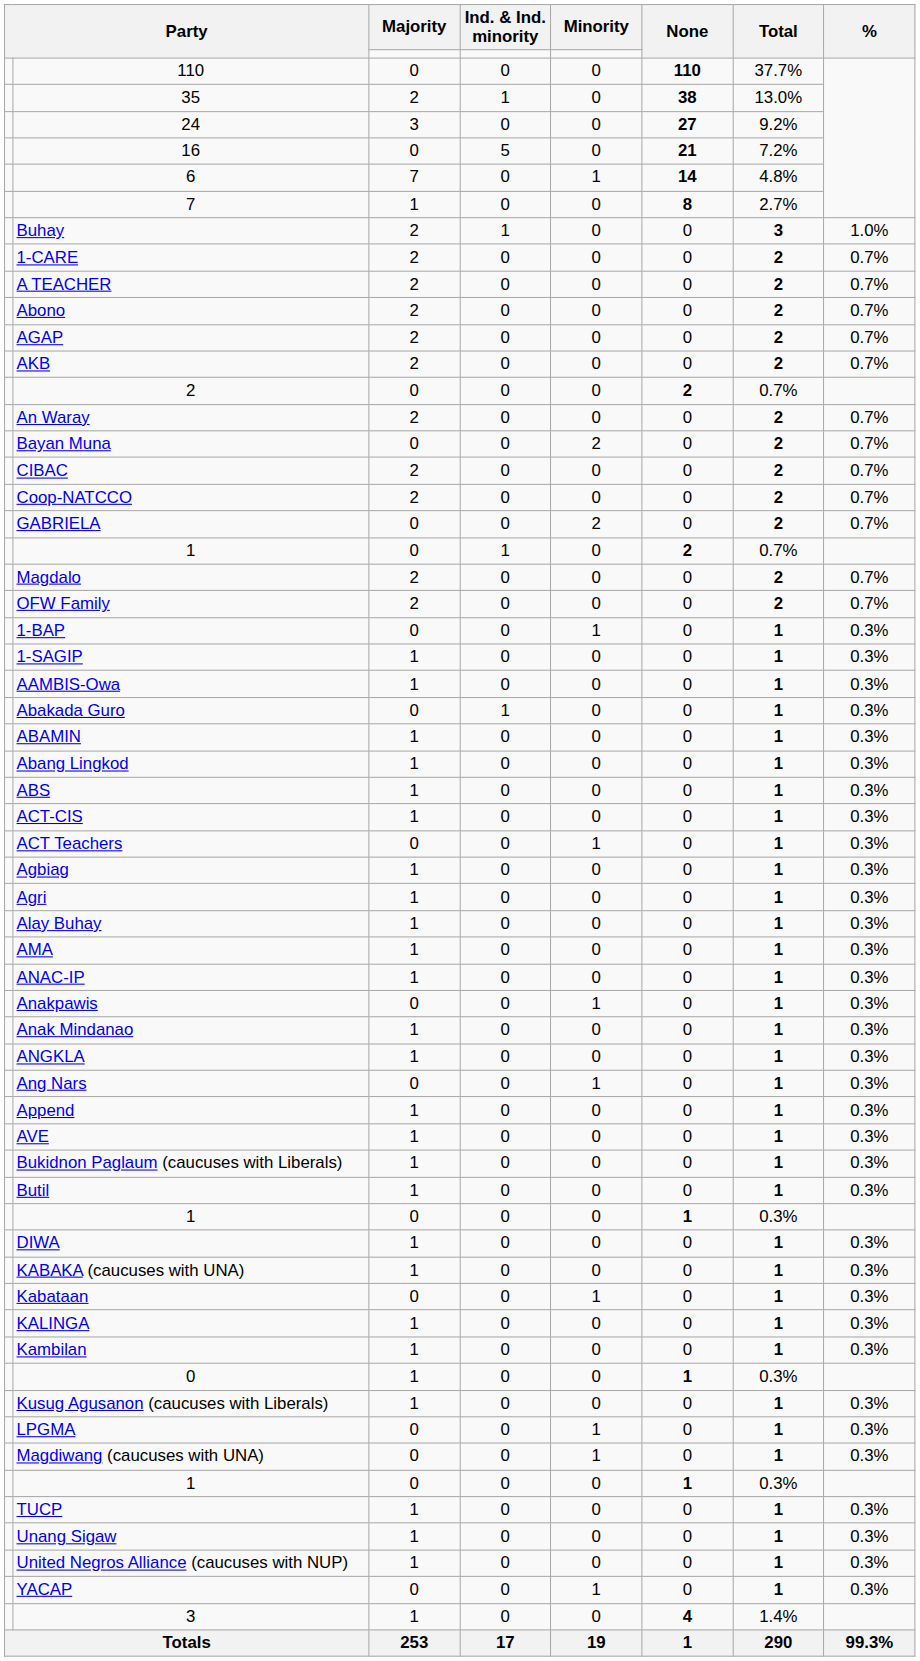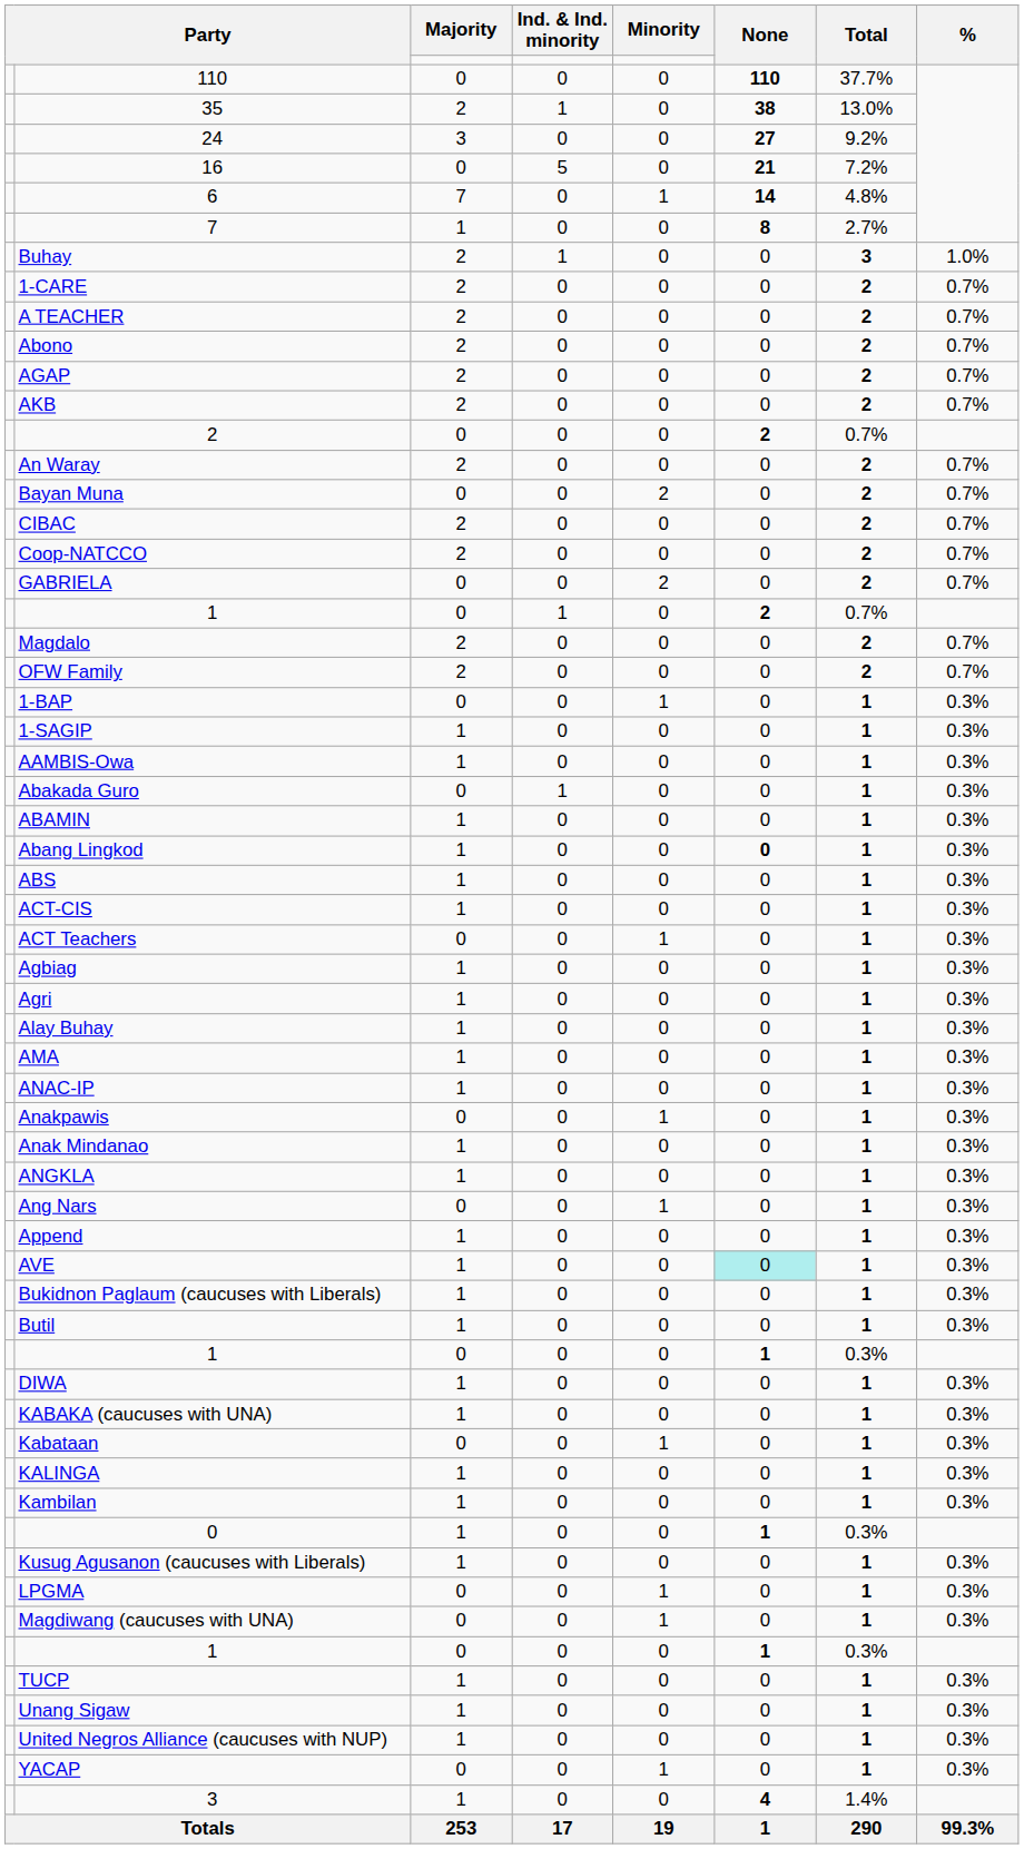 <table class="wikitable" style="text-align:center">
 <tr>
 <th rowspan=2 colspan="2">Party</th>
 <th width=10%>Majority</th>
 <th width=10%>Ind. & Ind. minority</th>
 <th width=10%>Minority</th>
 <th rowspan=2 width=10%>None</th>
 <th rowspan=2 width=10%>Total</th>
 <th rowspan=2 width="10%">%</th>
 </tr>
 <tr>
 <td></td>
 <td></td>
 <td></td>
 </tr>
 <tr>
 <td></td>
 <td>110</td>
 <td>0</td>
 <td>0</td>
 <td>0</td>
 <td><strong>110</strong></td>
 <td>37.7%</td>
 </tr>
 <tr>
 <td></td>
 <td>35</td>
 <td>2</td>
 <td>1</td>
 <td>0</td>
 <td><strong>38</strong></td>
 <td>13.0%</td>
 </tr>
 <tr>
 <td></td>
 <td>24</td>
 <td>3</td>
 <td>0</td>
 <td>0</td>
 <td><strong>27</strong></td>
 <td>9.2%</td>
 </tr>
 <tr>
 <td></td>
 <td>16</td>
 <td>0</td>
 <td>5</td>
 <td>0</td>
 <td><strong>21</strong></td>
 <td>7.2%</td>
 </tr>
 <tr>
 <td></td>
 <td>6</td>
 <td>7</td>
 <td>0</td>
 <td>1</td>
 <td><strong>14</strong></td>
 <td>4.8%</td>
 </tr>
 <tr>
 <td></td>
 <td>7</td>
 <td>1</td>
 <td>0</td>
 <td>0</td>
 <td><strong>8</strong></td>
 <td>2.7%</td>
 </tr>
 <tr>
 <td></td>
 <td align=left><a href='#'>Buhay</a></td>
 <td>2</td>
 <td>1</td>
 <td>0</td>
 <td>0</td>
 <td><strong>3</strong></td>
 <td>1.0%</td>
 </tr>
 <tr>
 <td></td>
 <td align=left><a href='#'>1-CARE</a></td>
 <td>2</td>
 <td>0</td>
 <td>0</td>
 <td>0</td>
 <td><strong>2</strong></td>
 <td>0.7%</td>
 </tr>
 <tr>
 <td></td>
 <td align=left><a href='#'>A TEACHER</a></td>
 <td>2</td>
 <td>0</td>
 <td>0</td>
 <td>0</td>
 <td><strong>2</strong></td>
 <td>0.7%</td>
 </tr>
 <tr>
 <td></td>
 <td align=left><a href='#'>Abono</a></td>
 <td>2</td>
 <td>0</td>
 <td>0</td>
 <td>0</td>
 <td><strong>2</strong></td>
 <td>0.7%</td>
 </tr>
 <tr>
 <td></td>
 <td align=left><a href='#'>AGAP</a></td>
 <td>2</td>
 <td>0</td>
 <td>0</td>
 <td>0</td>
 <td><strong>2</strong></td>
 <td>0.7%</td>
 </tr>
 <tr>
 <td></td>
 <td align=left><a href='#'>AKB</a></td>
 <td>2</td>
 <td>0</td>
 <td>0</td>
 <td>0</td>
 <td><strong>2</strong></td>
 <td>0.7%</td>
 </tr>
 <tr>
 <td></td>
 <td>2</td>
 <td>0</td>
 <td>0</td>
 <td>0</td>
 <td><strong>2</strong></td>
 <td>0.7%</td>
 </tr>
 <tr>
 <td></td>
 <td align=left><a href='#'>An Waray</a></td>
 <td>2</td>
 <td>0</td>
 <td>0</td>
 <td>0</td>
 <td><strong>2</strong></td>
 <td>0.7%</td>
 </tr>
 <tr>
 <td></td>
 <td align=left><a href='#'>Bayan Muna</a></td>
 <td>0</td>
 <td>0</td>
 <td>2</td>
 <td>0</td>
 <td><strong>2</strong></td>
 <td>0.7%</td>
 </tr>
 <tr>
 <td></td>
 <td align=left><a href='#'>CIBAC</a></td>
 <td>2</td>
 <td>0</td>
 <td>0</td>
 <td>0</td>
 <td><strong>2</strong></td>
 <td>0.7%</td>
 </tr>
 <tr>
 <td></td>
 <td align=left><a href='#'>Coop-NATCCO</a></td>
 <td>2</td>
 <td>0</td>
 <td>0</td>
 <td>0</td>
 <td><strong>2</strong></td>
 <td>0.7%</td>
 </tr>
 <tr>
 <td></td>
 <td align=left><a href='#'>GABRIELA</a></td>
 <td>0</td>
 <td>0</td>
 <td>2</td>
 <td>0</td>
 <td><strong>2</strong></td>
 <td>0.7%</td>
 </tr>
 <tr>
 <td></td>
 <td>1</td>
 <td>0</td>
 <td>1</td>
 <td>0</td>
 <td><strong>2</strong></td>
 <td>0.7%</td>
 </tr>
 <tr>
 <td></td>
 <td align=left><a href='#'>Magdalo</a></td>
 <td>2</td>
 <td>0</td>
 <td>0</td>
 <td>0</td>
 <td><strong>2</strong></td>
 <td>0.7%</td>
 </tr>
 <tr>
 <td></td>
 <td align=left><a href='#'>OFW Family</a></td>
 <td>2</td>
 <td>0</td>
 <td>0</td>
 <td>0</td>
 <td><strong>2</strong></td>
 <td>0.7%</td>
 </tr>
 <tr>
 <td></td>
 <td align=left><a href='#'>1-BAP</a></td>
 <td>0</td>
 <td>0</td>
 <td>1</td>
 <td>0</td>
 <td><strong>1</strong></td>
 <td>0.3%</td>
 </tr>
 <tr>
 <td></td>
 <td align=left><a href='#'>1-SAGIP</a></td>
 <td>1</td>
 <td>0</td>
 <td>0</td>
 <td>0</td>
 <td><strong>1</strong></td>
 <td>0.3%</td>
 </tr>
 <tr>
 <td></td>
 <td align=left><a href='#'>AAMBIS-Owa</a></td>
 <td>1</td>
 <td>0</td>
 <td>0</td>
 <td>0</td>
 <td><strong>1</strong></td>
 <td>0.3%</td>
 </tr>
 <tr>
 <td></td>
 <td align=left><a href='#'>Abakada Guro</a></td>
 <td>0</td>
 <td>1</td>
 <td>0</td>
 <td>0</td>
 <td><strong>1</strong></td>
 <td>0.3%</td>
 </tr>
 <tr>
 <td></td>
 <td align=left><a href='#'>ABAMIN</a></td>
 <td>1</td>
 <td>0</td>
 <td>0</td>
 <td>0</td>
 <td><strong>1</strong></td>
 <td>0.3%</td>
 </tr>
 <tr>
 <td></td>
 <td align=left><a href='#'>Abang Lingkod</a></td>
 <td>1</td>
 <td>0</td>
 <td>0</td>
-<td>0</td>
+<td><strong>0</strong></td>
 <td><strong>1</strong></td>
 <td>0.3%</td>
 </tr>
 <tr>
 <td></td>
 <td align=left><a href='#'>ABS</a></td>
 <td>1</td>
 <td>0</td>
 <td>0</td>
 <td>0</td>
 <td><strong>1</strong></td>
 <td>0.3%</td>
 </tr>
 <tr>
 <td></td>
 <td align=left><a href='#'>ACT-CIS</a></td>
 <td>1</td>
 <td>0</td>
 <td>0</td>
 <td>0</td>
 <td><strong>1</strong></td>
 <td>0.3%</td>
 </tr>
 <tr>
 <td></td>
 <td align=left><a href='#'>ACT Teachers</a></td>
 <td>0</td>
 <td>0</td>
 <td>1</td>
 <td>0</td>
 <td><strong>1</strong></td>
 <td>0.3%</td>
 </tr>
 <tr>
 <td></td>
 <td align=left><a href='#'>Agbiag</a></td>
 <td>1</td>
 <td>0</td>
 <td>0</td>
 <td>0</td>
 <td><strong>1</strong></td>
 <td>0.3%</td>
 </tr>
 <tr>
 <td></td>
 <td align=left><a href='#'>Agri</a></td>
 <td>1</td>
 <td>0</td>
 <td>0</td>
 <td>0</td>
 <td><strong>1</strong></td>
 <td>0.3%</td>
 </tr>
 <tr>
 <td></td>
 <td align=left><a href='#'>Alay Buhay</a></td>
 <td>1</td>
 <td>0</td>
 <td>0</td>
 <td>0</td>
 <td><strong>1</strong></td>
 <td>0.3%</td>
 </tr>
 <tr>
 <td></td>
 <td align=left><a href='#'>AMA</a></td>
 <td>1</td>
 <td>0</td>
 <td>0</td>
 <td>0</td>
 <td><strong>1</strong></td>
 <td>0.3%</td>
 </tr>
 <tr>
 <td></td>
 <td align=left><a href='#'>ANAC-IP</a></td>
 <td>1</td>
 <td>0</td>
 <td>0</td>
 <td>0</td>
 <td><strong>1</strong></td>
 <td>0.3%</td>
 </tr>
 <tr>
 <td></td>
 <td align=left><a href='#'>Anakpawis</a></td>
 <td>0</td>
 <td>0</td>
 <td>1</td>
 <td>0</td>
 <td><strong>1</strong></td>
 <td>0.3%</td>
 </tr>
 <tr>
 <td></td>
 <td align=left><a href='#'>Anak Mindanao</a></td>
 <td>1</td>
 <td>0</td>
 <td>0</td>
 <td>0</td>
 <td><strong>1</strong></td>
 <td>0.3%</td>
 </tr>
 <tr>
 <td></td>
 <td align=left><a href='#'>ANGKLA</a></td>
 <td>1</td>
 <td>0</td>
 <td>0</td>
 <td>0</td>
 <td><strong>1</strong></td>
 <td>0.3%</td>
 </tr>
 <tr>
 <td></td>
 <td align=left><a href='#'>Ang Nars</a></td>
 <td>0</td>
 <td>0</td>
 <td>1</td>
 <td>0</td>
 <td><strong>1</strong></td>
 <td>0.3%</td>
 </tr>
 <tr>
 <td></td>
 <td align=left><a href='#'>Append</a></td>
 <td>1</td>
 <td>0</td>
 <td>0</td>
 <td>0</td>
 <td><strong>1</strong></td>
 <td>0.3%</td>
 </tr>
 <tr>
 <td></td>
 <td align=left><a href='#'>AVE</a></td>
 <td>1</td>
 <td>0</td>
 <td>0</td>
-<td>0</td>
+<td style="background: paleturquoise;">0</td>
 <td><strong>1</strong></td>
 <td>0.3%</td>
 </tr>
 <tr>
 <td></td>
 <td align="left"><a href='#'>Bukidnon Paglaum</a> (caucuses with Liberals)</td>
 <td>1</td>
 <td>0</td>
 <td>0</td>
 <td>0</td>
 <td><strong>1</strong></td>
 <td>0.3%</td>
 </tr>
 <tr>
 <td></td>
 <td align=left><a href='#'>Butil</a></td>
 <td>1</td>
 <td>0</td>
 <td>0</td>
 <td>0</td>
 <td><strong>1</strong></td>
 <td>0.3%</td>
 </tr>
 <tr>
 <td></td>
 <td>1</td>
 <td>0</td>
 <td>0</td>
 <td>0</td>
 <td><strong>1</strong></td>
 <td>0.3%</td>
 </tr>
 <tr>
 <td></td>
 <td align=left><a href='#'>DIWA</a></td>
 <td>1</td>
 <td>0</td>
 <td>0</td>
 <td>0</td>
 <td><strong>1</strong></td>
 <td>0.3%</td>
 </tr>
 <tr>
 <td></td>
 <td align="left"><a href='#'>KABAKA</a> (caucuses with UNA)</td>
 <td>1</td>
 <td>0</td>
 <td>0</td>
 <td>0</td>
 <td><strong>1</strong></td>
 <td>0.3%</td>
 </tr>
 <tr>
 <td></td>
 <td align=left><a href='#'>Kabataan</a></td>
 <td>0</td>
 <td>0</td>
 <td>1</td>
 <td>0</td>
 <td><strong>1</strong></td>
 <td>0.3%</td>
 </tr>
 <tr>
 <td></td>
 <td align=left><a href='#'>KALINGA</a></td>
 <td>1</td>
 <td>0</td>
 <td>0</td>
 <td>0</td>
 <td><strong>1</strong></td>
 <td>0.3%</td>
 </tr>
 <tr>
 <td></td>
 <td align=left><a href='#'>Kambilan</a></td>
 <td>1</td>
 <td>0</td>
 <td>0</td>
 <td>0</td>
 <td><strong>1</strong></td>
 <td>0.3%</td>
 </tr>
 <tr>
 <td></td>
 <td>0</td>
 <td>1</td>
 <td>0</td>
 <td>0</td>
 <td><strong>1</strong></td>
 <td>0.3%</td>
 </tr>
 <tr>
 <td></td>
 <td align="left"><a href='#'>Kusug Agusanon</a> (caucuses with Liberals)</td>
 <td>1</td>
 <td>0</td>
 <td>0</td>
 <td>0</td>
 <td><strong>1</strong></td>
 <td>0.3%</td>
 </tr>
 <tr>
 <td></td>
 <td align=left><a href='#'>LPGMA</a></td>
 <td>0</td>
 <td>0</td>
 <td>1</td>
 <td>0</td>
 <td><strong>1</strong></td>
 <td>0.3%</td>
 </tr>
 <tr>
 <td></td>
 <td align="left"><a href='#'>Magdiwang</a> (caucuses with UNA)</td>
 <td>0</td>
 <td>0</td>
 <td>1</td>
 <td>0</td>
 <td><strong>1</strong></td>
 <td>0.3%</td>
 </tr>
 <tr>
 <td></td>
 <td>1</td>
 <td>0</td>
 <td>0</td>
 <td>0</td>
 <td><strong>1</strong></td>
 <td>0.3%</td>
 </tr>
 <tr>
 <td></td>
 <td align=left><a href='#'>TUCP</a></td>
 <td>1</td>
 <td>0</td>
 <td>0</td>
 <td>0</td>
 <td><strong>1</strong></td>
 <td>0.3%</td>
 </tr>
 <tr>
 <td></td>
 <td align=left><a href='#'>Unang Sigaw</a></td>
 <td>1</td>
 <td>0</td>
 <td>0</td>
 <td>0</td>
 <td><strong>1</strong></td>
 <td>0.3%</td>
 </tr>
 <tr>
 <td></td>
 <td align=left><a href='#'>United Negros Alliance</a> (caucuses with NUP)</td>
 <td>1</td>
 <td>0</td>
 <td>0</td>
 <td>0</td>
 <td><strong>1</strong></td>
 <td>0.3%</td>
 </tr>
 <tr>
 <td></td>
 <td align=left><a href='#'>YACAP</a></td>
 <td>0</td>
 <td>0</td>
 <td>1</td>
 <td>0</td>
 <td><strong>1</strong></td>
 <td>0.3%</td>
 </tr>
 <tr>
 <td></td>
 <td>3</td>
 <td>1</td>
 <td>0</td>
 <td>0</td>
 <td><strong>4</strong></td>
 <td>1.4%</td>
 </tr>
 <tr class=sortbottom>
 <th colspan=2>Totals</th>
 <th>253</th>
 <th>17</th>
 <th>19</th>
 <th>1</th>
 <th>290</th>
 <th>99.3%</th>
 </tr>
 </table>
